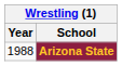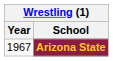 <table class="wikitable">
 <tr>
 <th colspan=2><a href='#'>Wrestling</a> (1)</th>
 </tr>
 <tr>
 <th>Year</th>
 <th>School</th>
 </tr>
 <tr>
-<td>1988</td>
+<td>1967</td>
 <th style="background:#8C1D40; color:#FFC627;">Arizona State</th>
 </tr>
 </table>
